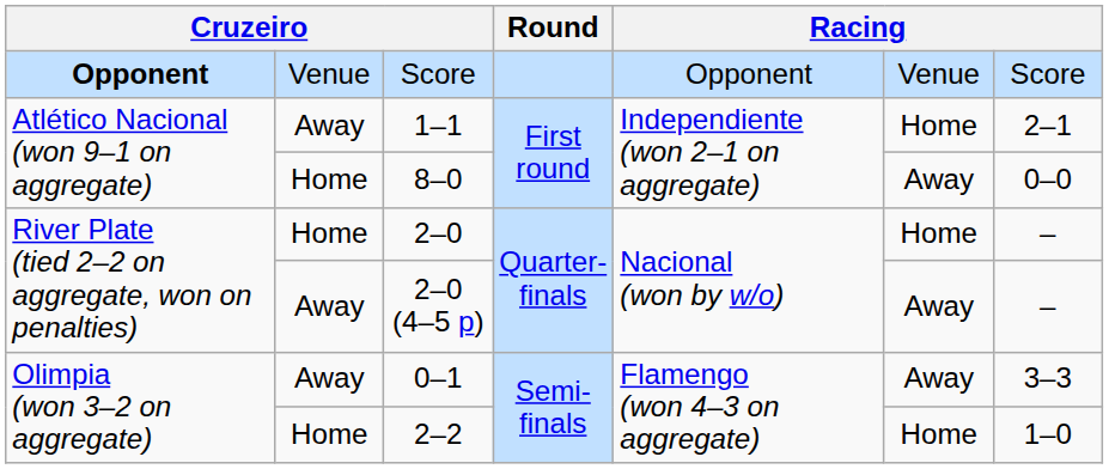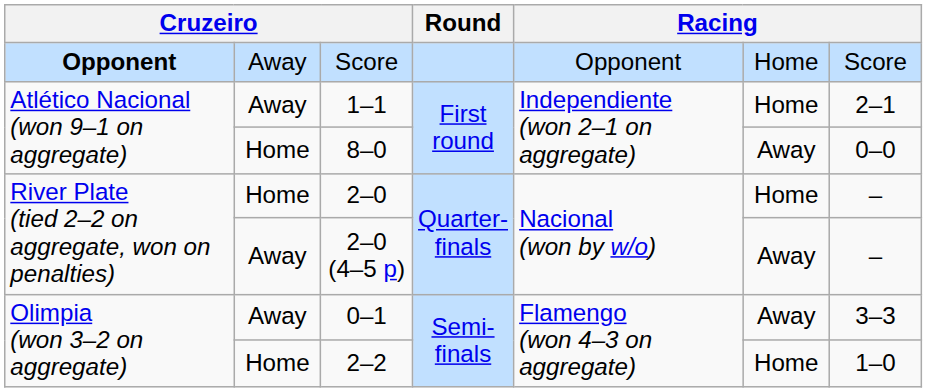 <table class="wikitable" style="text-align: center;">
 <tr>
 <th colspan=3> <a href='#'>Cruzeiro</a></th>
 <th>Round</th>
 <th colspan=3> <a href='#'>Racing</a></th>
 </tr>
 <tr bgcolor=#c1e0ff>
 <td width=25%><strong>Opponent</strong></td>
-<td width=10%>Venue</td>
+<td>Away</td>
 <td width=10%>Score</td>
 <td width=10%></td>
 <td width=25%>Opponent</td>
-<td width=10%>Venue</td>
+<td>Home</td>
 <td width=10%>Score</td>
 </tr>
 <tr>
 <td rowspan=2 align=left> <a href='#'>Atlético Nacional</a><br><em>(won 9–1 on aggregate)</em></td>
 <td>Away</td>
 <td>1–1</td>
 <td rowspan=2 bgcolor=#c1e0ff><a href='#'>First round</a></td>
 <td rowspan=2 align=left> <a href='#'>Independiente</a><br><em>(won 2–1 on aggregate)</em></td>
 <td>Home</td>
 <td>2–1</td>
 </tr>
 <tr>
 <td>Home</td>
 <td>8–0</td>
 <td>Away</td>
 <td>0–0</td>
 </tr>
 <tr>
 <td rowspan=2 align=left> <a href='#'>River Plate</a><br><em>(tied 2–2 on aggregate, won on penalties)</em></td>
 <td>Home</td>
 <td>2–0</td>
 <td rowspan=2 bgcolor=#c1e0ff><a href='#'>Quarter-finals</a></td>
 <td rowspan=2 align=left> <a href='#'>Nacional</a><br><em>(won by <a href='#'>w/o</a>)</em></td>
 <td>Home</td>
 <td>–</td>
 </tr>
 <tr>
 <td>Away</td>
 <td>2–0 (4–5 <a href='#'>p</a>)</td>
 <td>Away</td>
 <td>–</td>
 </tr>
 <tr>
 <td rowspan=2 align=left> <a href='#'>Olimpia</a><br><em>(won 3–2 on aggregate)</em></td>
 <td>Away</td>
 <td>0–1</td>
 <td rowspan=2 bgcolor=#c1e0ff><a href='#'>Semi-finals</a></td>
 <td rowspan=2 align=left> <a href='#'>Flamengo</a><br><em>(won 4–3 on aggregate)</em></td>
 <td>Away</td>
 <td>3–3</td>
 </tr>
 <tr>
 <td>Home</td>
 <td>2–2</td>
 <td>Home</td>
 <td>1–0</td>
 </tr>
 </table>
